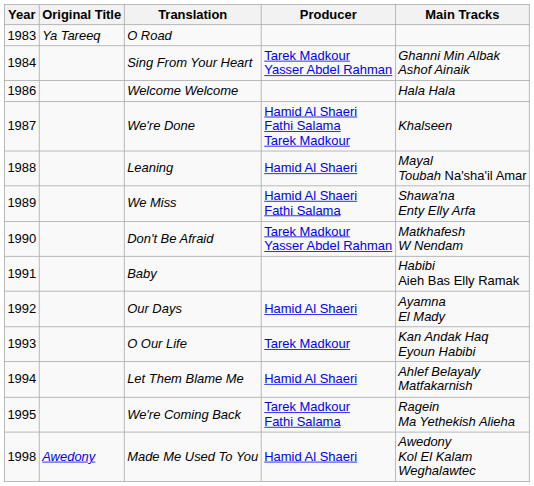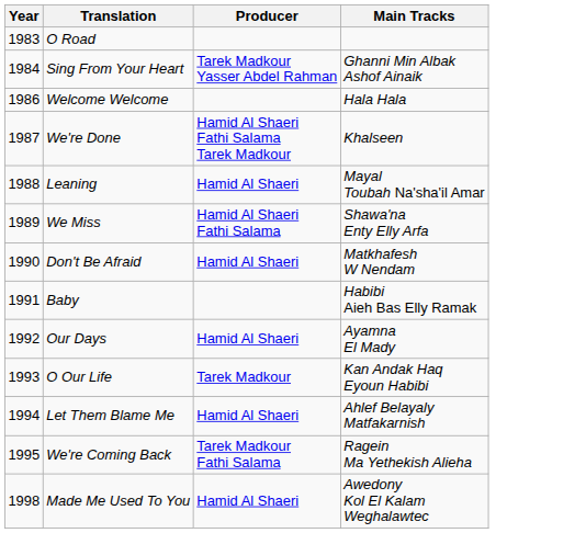 <table class="wikitable sortable" border="2">
 <tr>
 <th scope="col">Year</th>
-<th scope="col">Original Title</th>
 <th scope="col">Translation</th>
 <th scope="col">Producer</th>
 <th scope="col">Main Tracks</th>
 </tr>
 <tr>
 <td>1983</td>
-<td><em>Ya Tareeq</em></td>
 <td><em>O Road</em></td>
 <td></td>
 <td></td>
 </tr>
 <tr>
 <td>1984</td>
-<td><em></em></td>
 <td><em>Sing From Your Heart</em></td>
 <td><a href='#'>Tarek Madkour</a><br><a href='#'>Yasser Abdel Rahman</a><br></td>
 <td><em>Ghanni Min Albak</em><br><em>Ashof Ainaik</em></td>
 </tr>
 <tr>
 <td>1986</td>
-<td><em></em></td>
 <td><em>Welcome Welcome</em></td>
 <td><br></td>
 <td><em>Hala Hala</em></td>
 </tr>
 <tr>
 <td>1987</td>
-<td><em></em></td>
 <td><em>We're Done</em></td>
 <td><a href='#'>Hamid Al Shaeri</a><br><a href='#'>Fathi Salama</a><br><a href='#'>Tarek Madkour</a></td>
 <td><em>Khalseen</em></td>
 </tr>
 <tr>
 <td>1988</td>
-<td><em></em></td>
 <td><em>Leaning</em></td>
 <td><a href='#'>Hamid Al Shaeri</a></td>
 <td><em>Mayal</em><br><em>Toubah</em> Na'sha'il Amar</td>
 </tr>
 <tr>
 <td>1989</td>
-<td><em></em></td>
 <td><em>We Miss</em></td>
 <td><a href='#'>Hamid Al Shaeri</a><br><a href='#'>Fathi Salama</a></td>
 <td><em>Shawa'na</em><br><em>Enty Elly Arfa</em></td>
 </tr>
 <tr>
 <td>1990</td>
-<td><em></em></td>
 <td><em>Don't Be Afraid</em></td>
-<td><a href='#'>Tarek Madkour</a><br><a href='#'>Yasser Abdel Rahman</a><br></td>
+<td><a href='#'>Hamid Al Shaeri</a></td>
 <td><em>Matkhafesh</em><br><em>W Nendam</em></td>
 </tr>
 <tr>
 <td>1991</td>
-<td><em></em></td>
 <td><em>Baby</em></td>
 <td></td>
 <td><em>Habibi</em><br>Aieh Bas Elly Ramak</td>
 </tr>
 <tr>
 <td>1992</td>
-<td><em></em></td>
 <td><em>Our Days</em></td>
 <td><a href='#'>Hamid Al Shaeri</a></td>
 <td><em>Ayamna</em><br><em>El Mady</em></td>
 </tr>
 <tr>
 <td>1993</td>
-<td><em></em></td>
 <td><em>O Our Life</em></td>
 <td><a href='#'>Tarek Madkour</a></td>
 <td><em>Kan Andak Haq</em><br><em>Eyoun Habibi</em></td>
 </tr>
 <tr>
 <td>1994</td>
-<td><em></em></td>
 <td><em>Let Them Blame Me</em></td>
 <td><a href='#'>Hamid Al Shaeri</a></td>
 <td><em>Ahlef Belayaly</em><br><em>Matfakarnish</em></td>
 </tr>
 <tr>
 <td>1995</td>
-<td><em></em></td>
 <td><em>We're Coming Back</em></td>
 <td><a href='#'>Tarek Madkour</a><br><a href='#'>Fathi Salama</a><br></td>
 <td><em>Ragein</em><br><em>Ma Yethekish Alieha</em></td>
 </tr>
 <tr>
 <td>1998</td>
-<td><em><a href='#'>Awedony</a></em></td>
 <td><em>Made Me Used To You</em></td>
 <td><a href='#'>Hamid Al Shaeri</a></td>
 <td><em>Awedony</em><br><em>Kol El Kalam</em><br><em>Weghalawtec</em></td>
 </tr>
 </table>
